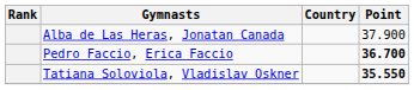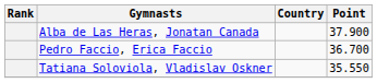 <table class="wikitable sortable">
 <tr>
 <th>Rank</th>
 <th>Gymnasts</th>
 <th>Country</th>
 <th>Point</th>
 </tr>
 <tr>
 <th></th>
 <td><a href='#'>Alba de Las Heras</a>, <a href='#'>Jonatan Canada</a></td>
 <td></td>
 <td>37.900</td>
 </tr>
 <tr>
 <th></th>
 <td><a href='#'>Pedro Faccio</a>, <a href='#'>Erica Faccio</a></td>
 <td></td>
-<td><strong>36.700</strong></td>
+<td>36.700</td>
 </tr>
 <tr>
 <th></th>
 <td><a href='#'>Tatiana Soloviola</a>, <a href='#'>Vladislav Oskner</a></td>
 <td></td>
-<td><strong>35.550</strong></td>
+<td>35.550</td>
 </tr>
 <tr>
 </tr>
 </table>
